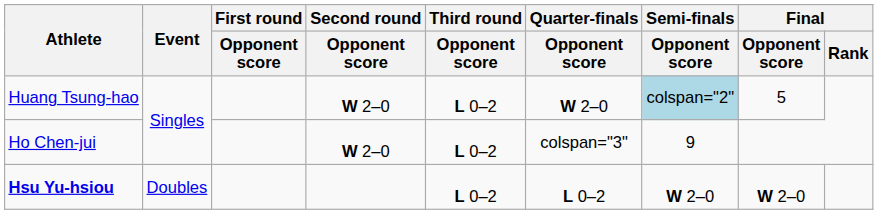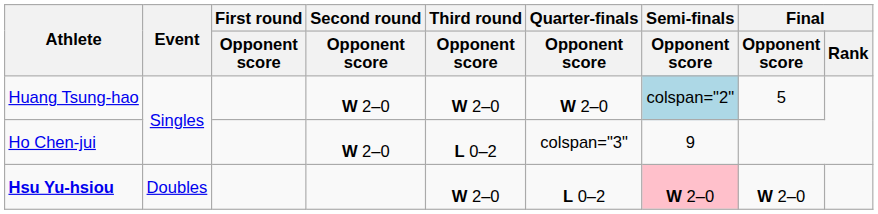 <table class="wikitable" style="font-size:90%; text-align:center">
 <tr>
 <th rowspan="2">Athlete</th>
 <th rowspan="2">Event</th>
 <th>First round</th>
 <th>Second round</th>
 <th>Third round</th>
 <th>Quarter-finals</th>
 <th>Semi-finals</th>
 <th colspan="2">Final</th>
 </tr>
 <tr>
 <th>Opponent<br>score</th>
 <th>Opponent<br>score</th>
 <th>Opponent<br>score</th>
 <th>Opponent<br>score</th>
 <th>Opponent<br>score</th>
 <th>Opponent<br>score</th>
 <th>Rank</th>
 </tr>
 <tr>
 <td align="left"><a href='#'>Huang Tsung-hao</a></td>
 <td algin="left" rowspan="2"><a href='#'>Singles</a></td>
 <td></td>
 <td><br><strong>W</strong> 2–0</td>
-<td><br><strong>L</strong> 0–2</td>
+<td><br><strong>W</strong> 2–0</td>
 <td><br><strong>W</strong> 2–0</td>
 <td style="background: lightblue;">colspan="2" </td>
 <td>5</td>
 </tr>
 <tr>
 <td align="left"><a href='#'>Ho Chen-jui</a></td>
 <td></td>
 <td><br><strong>W</strong> 2–0</td>
 <td><br><strong>L</strong> 0–2</td>
 <td>colspan="3" </td>
 <td>9</td>
 </tr>
 <tr>
 <td align="left"><strong><a href='#'>Hsu Yu-hsiou</a><br></strong></td>
 <td algin="left"><a href='#'>Doubles</a></td>
 <td></td>
 <td></td>
+<td><br><strong>W</strong> 2–0</td>
 <td><br><strong>L</strong> 0–2</td>
-<td><br><strong>L</strong> 0–2</td>
-<td><br><strong>W</strong> 2–0</td>
+<td style="background: pink;"><br><strong>W</strong> 2–0</td>
 <td><br><strong>W</strong> 2–0</td>
 <td></td>
 </tr>
 </table>
